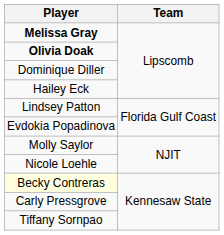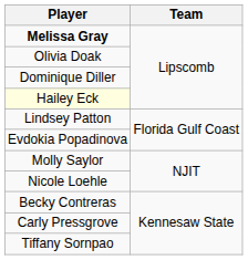 <table class="wikitable" style="text-align: center;">
 <tr>
 <th>Player</th>
 <th>Team</th>
 </tr>
 <tr>
 <td><strong>Melissa Gray</strong></td>
 <td rowspan=4>Lipscomb</td>
 </tr>
 <tr>
-<td><strong>Olivia Doak</strong></td>
+<td>Olivia Doak</td>
 </tr>
 <tr>
 <td>Dominique Diller</td>
 </tr>
 <tr>
-<td>Hailey Eck</td>
+<td style="background: lightyellow;">Hailey Eck</td>
 </tr>
 <tr>
 <td>Lindsey Patton</td>
 <td rowspan=2>Florida Gulf Coast</td>
 </tr>
 <tr>
 <td>Evdokia Popadinova</td>
 </tr>
 <tr>
 <td>Molly Saylor</td>
 <td rowspan=2>NJIT</td>
 </tr>
 <tr>
 <td>Nicole Loehle</td>
 </tr>
 <tr>
-<td style="background: lightyellow;">Becky Contreras</td>
+<td>Becky Contreras</td>
 <td rowspan=3>Kennesaw State</td>
 </tr>
 <tr>
 <td>Carly Pressgrove</td>
 </tr>
 <tr>
 <td>Tiffany Sornpao</td>
 </tr>
 </table>
